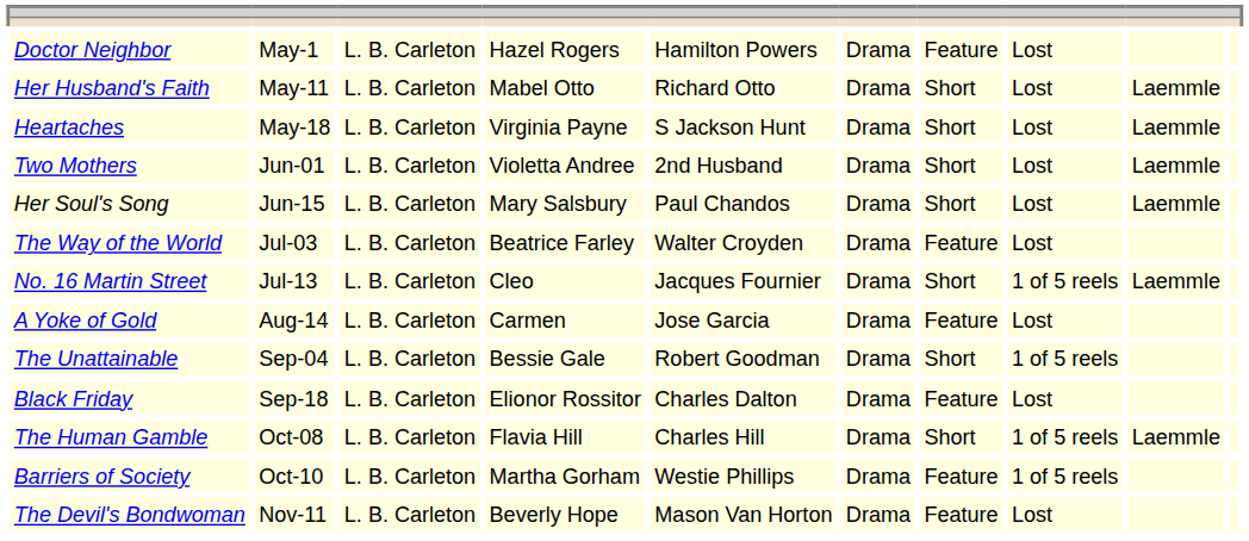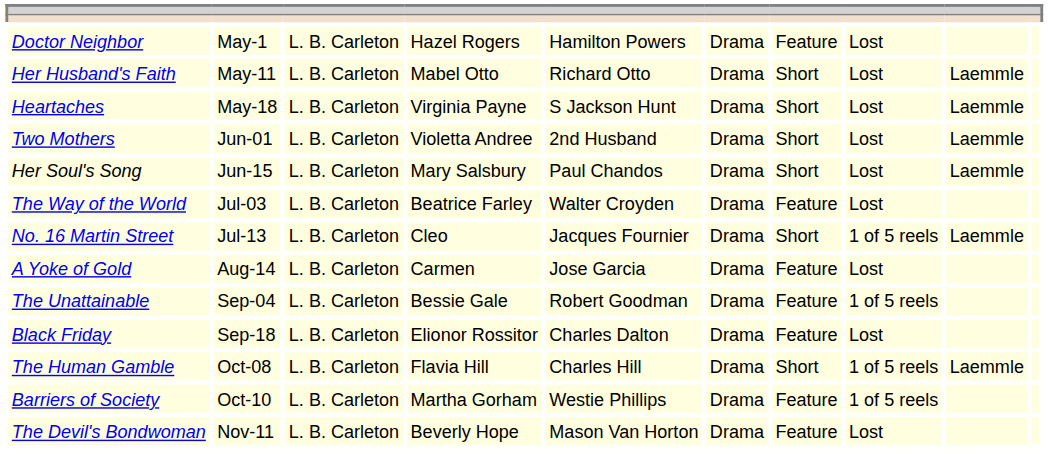 <table class="wikitable mw-collapsible mw-collapsed" style="background:lightyellow; border:2px solid gray;font-size:80%; ">
 <tr>
 <th colspan="18" style="border:1px solid #808080;background: lightgrey;"></th>
 </tr>
 <tr>
 <th style="border: 0px solid #FFFAF5; background:#F2E0CE"></th>
 <th style="border:0px solid #FFFAF5; background:#F2E0CE"></th>
 <th style="border:0px solid #FFFAF5; background:#F2E0CE"></th>
 <th style="border:0px solid #FFFAF5; background:#F2E0CE"></th>
 <th style="border:0px solid #FFFAF5; background:#F2E0CE"></th>
 <th style="border:0px solid #FFFAF5; background:#F2E0CE"></th>
 <th style="border:0px solid #FFFAF5; background:#F2E0CE"></th>
 <th style="border:0px solid #FFFAF5; background:#F2E0CE"></th>
 <th style="border:0px solid #FFFAF5; background:#F2E0CE"></th>
 <th style="border:0px solid #FFFAF5; background:#F2E0CE"></th>
 </tr>
 <tr>
 <td style="border:3px solid #FFFFFF"><em><a href='#'>Doctor Neighbor</a></em></td>
 <td style="border:3px solid #FFFFFF">May-1</td>
 <td style="border:3px solid #FFFFFF">L. B. Carleton</td>
 <td style="border:3px solid #FFFFFF">Hazel Rogers</td>
 <td style="border:3px solid #FFFFFF">Hamilton Powers</td>
 <td style="border:3px solid #FFFFFF">Drama</td>
 <td style="border:3px solid #FFFFFF">Feature</td>
 <td style="border:3px solid #FFFFFF">Lost</td>
 <td style="border:3px solid #FFFFFF"></td>
 <td style="border:3px solid #FFFFFF"></td>
 </tr>
 <tr>
 <td style="border:3px solid #FFFFFF"><em><a href='#'>Her Husband's Faith</a></em></td>
 <td style="border:3px solid #FFFFFF">May-11</td>
 <td style="border:3px solid #FFFFFF">L. B. Carleton</td>
 <td style="border:3px solid #FFFFFF">Mabel Otto</td>
 <td style="border:3px solid #FFFFFF">Richard Otto</td>
 <td style="border:3px solid #FFFFFF">Drama</td>
 <td style="border:3px solid #FFFFFF">Short</td>
 <td style="border:3px solid #FFFFFF">Lost</td>
 <td style="border:3px solid #FFFFFF">Laemmle</td>
 <td style="border:3px solid #FFFFFF"></td>
 </tr>
 <tr>
 <td style="border:3px solid #FFFFFF"><em><a href='#'>Heartaches</a> </em></td>
 <td style="border:3px solid #FFFFFF">May-18</td>
 <td style="border:3px solid #FFFFFF">L. B. Carleton</td>
 <td style="border:3px solid #FFFFFF">Virginia Payne</td>
 <td style="border:3px solid #FFFFFF">S Jackson Hunt</td>
 <td style="border:3px solid #FFFFFF">Drama</td>
 <td style="border:3px solid #FFFFFF">Short</td>
 <td style="border:3px solid #FFFFFF">Lost</td>
 <td style="border:3px solid #FFFFFF">Laemmle</td>
 <td style="border:3px solid #FFFFFF"></td>
 </tr>
 <tr>
 <td style="border:3px solid #FFFFFF"><em><a href='#'>Two Mothers</a></em></td>
 <td style="border:3px solid #FFFFFF">Jun-01</td>
 <td style="border:3px solid #FFFFFF">L. B. Carleton</td>
 <td style="border:3px solid #FFFFFF">Violetta Andree</td>
 <td style="border:3px solid #FFFFFF">2nd Husband</td>
 <td style="border:3px solid #FFFFFF">Drama</td>
 <td style="border:3px solid #FFFFFF">Short</td>
 <td style="border:3px solid #FFFFFF">Lost</td>
 <td style="border:3px solid #FFFFFF">Laemmle</td>
 <td style="border:3px solid #FFFFFF"></td>
 </tr>
 <tr>
 <td style="border:3px solid #FFFFFF"><em>Her Soul's Song</em></td>
 <td style="border:3px solid #FFFFFF">Jun-15</td>
 <td style="border:3px solid #FFFFFF">L. B. Carleton</td>
 <td style="border:3px solid #FFFFFF">Mary Salsbury</td>
 <td style="border:3px solid #FFFFFF">Paul Chandos</td>
 <td style="border:3px solid #FFFFFF">Drama</td>
 <td style="border:3px solid #FFFFFF">Short</td>
 <td style="border:3px solid #FFFFFF">Lost</td>
 <td style="border:3px solid #FFFFFF">Laemmle</td>
 <td style="border:3px solid #FFFFFF"></td>
 </tr>
 <tr>
 <td style="border:3px solid #FFFFFF"><em><a href='#'>The Way of the World</a></em></td>
 <td style="border:3px solid #FFFFFF">Jul-03</td>
 <td style="border:3px solid #FFFFFF">L. B. Carleton</td>
 <td style="border:3px solid #FFFFFF">Beatrice Farley</td>
 <td style="border:3px solid #FFFFFF">Walter Croyden</td>
 <td style="border:3px solid #FFFFFF">Drama</td>
 <td style="border:3px solid #FFFFFF">Feature</td>
 <td style="border:3px solid #FFFFFF">Lost</td>
 <td style="border:3px solid #FFFFFF"></td>
 <td style="border:3px solid #FFFFFF"></td>
 </tr>
 <tr>
 <td style="border:3px solid #FFFFFF"><em><a href='#'>No. 16 Martin Street</a></em></td>
 <td style="border:3px solid #FFFFFF">Jul-13</td>
 <td style="border:3px solid #FFFFFF">L. B. Carleton</td>
 <td style="border:3px solid #FFFFFF">Cleo</td>
 <td style="border:3px solid #FFFFFF">Jacques Fournier</td>
 <td style="border:3px solid #FFFFFF">Drama</td>
 <td style="border:3px solid #FFFFFF">Short</td>
 <td style="border:3px solid #FFFFFF">1 of 5 reels</td>
 <td style="border:3px solid #FFFFFF">Laemmle</td>
 <td style="border:3px solid #FFFFFF"></td>
 </tr>
 <tr>
 <td style="border:3px solid #FFFFFF"><em><a href='#'>A Yoke of Gold</a></em></td>
 <td style="border:3px solid #FFFFFF">Aug-14</td>
 <td style="border:3px solid #FFFFFF">L. B. Carleton</td>
 <td style="border:3px solid #FFFFFF">Carmen</td>
 <td style="border:3px solid #FFFFFF">Jose Garcia</td>
 <td style="border:3px solid #FFFFFF">Drama</td>
 <td style="border:3px solid #FFFFFF">Feature</td>
 <td style="border:3px solid #FFFFFF">Lost</td>
 <td style="border:3px solid #FFFFFF"></td>
 <td style="border:3px solid #FFFFFF"></td>
 </tr>
 <tr>
 <td style="border:3px solid #FFFFFF"><em><a href='#'>The Unattainable</a></em></td>
 <td style="border:3px solid #FFFFFF">Sep-04</td>
 <td style="border:3px solid #FFFFFF">L. B. Carleton</td>
 <td style="border:3px solid #FFFFFF">Bessie Gale</td>
 <td style="border:3px solid #FFFFFF">Robert Goodman</td>
 <td style="border:3px solid #FFFFFF">Drama</td>
-<td style="border:3px solid #FFFFFF">Short</td>
+<td style="border:3px solid #FFFFFF">Feature</td>
 <td style="border:3px solid #FFFFFF">1 of 5 reels</td>
 <td style="border:3px solid #FFFFFF"></td>
 <td style="border:3px solid #FFFFFF"></td>
 </tr>
 <tr>
 <td style="border:3px solid #FFFFFF"><em><a href='#'>Black Friday</a></em></td>
 <td style="border:3px solid #FFFFFF">Sep-18</td>
 <td style="border:3px solid #FFFFFF">L. B. Carleton</td>
 <td style="border:3px solid #FFFFFF">Elionor Rossitor</td>
 <td style="border:3px solid #FFFFFF">Charles Dalton</td>
 <td style="border:3px solid #FFFFFF">Drama</td>
 <td style="border:3px solid #FFFFFF">Feature</td>
 <td style="border:3px solid #FFFFFF">Lost</td>
 <td style="border:3px solid #FFFFFF"></td>
 <td style="border:3px solid #FFFFFF"></td>
 </tr>
 <tr>
 <td style="border:3px solid #FFFFFF"><em><a href='#'>The Human Gamble</a></em></td>
 <td style="border:3px solid #FFFFFF">Oct-08</td>
 <td style="border:3px solid #FFFFFF">L. B. Carleton</td>
 <td style="border:3px solid #FFFFFF">Flavia Hill</td>
 <td style="border:3px solid #FFFFFF">Charles Hill</td>
 <td style="border:3px solid #FFFFFF">Drama</td>
 <td style="border:3px solid #FFFFFF">Short</td>
 <td style="border:3px solid #FFFFFF">1 of 5 reels</td>
 <td style="border:3px solid #FFFFFF">Laemmle</td>
 <td style="border:3px solid #FFFFFF"></td>
 </tr>
 <tr>
 <td style="border:3px solid #FFFFFF"><em><a href='#'>Barriers of Society</a></em></td>
 <td style="border:3px solid #FFFFFF">Oct-10</td>
 <td style="border:3px solid #FFFFFF">L. B. Carleton</td>
 <td style="border:3px solid #FFFFFF">Martha Gorham</td>
 <td style="border:3px solid #FFFFFF">Westie Phillips</td>
 <td style="border:3px solid #FFFFFF">Drama</td>
 <td style="border:3px solid #FFFFFF">Feature</td>
 <td style="border:3px solid #FFFFFF">1 of 5 reels</td>
 <td style="border:3px solid #FFFFFF"></td>
 <td style="border:3px solid #FFFFFF"></td>
 </tr>
 <tr>
 <td style="border:3px solid #FFFFFF"><em><a href='#'>The Devil's Bondwoman</a></em></td>
 <td style="border:3px solid #FFFFFF">Nov-11</td>
 <td style="border:3px solid #FFFFFF">L. B. Carleton</td>
 <td style="border:3px solid #FFFFFF">Beverly Hope</td>
 <td style="border:3px solid #FFFFFF">Mason Van Horton</td>
 <td style="border:3px solid #FFFFFF">Drama</td>
 <td style="border:3px solid #FFFFFF">Feature</td>
 <td style="border:3px solid #FFFFFF">Lost</td>
 <td style="border:3px solid #FFFFFF"></td>
 <td style="border:3px solid #FFFFFF"></td>
 </tr>
 </table>
